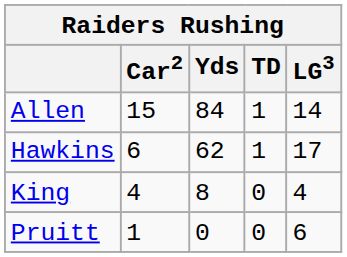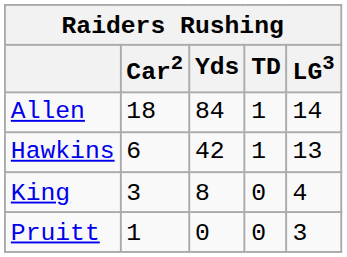 <table class="wikitable">
 <tr>
 <th colspan="5">Raiders Rushing</th>
 </tr>
 <tr>
 <th></th>
 <th>Car<sup>2</sup></th>
 <th>Yds</th>
 <th>TD</th>
 <th>LG<sup>3</sup></th>
 </tr>
 <tr>
 <td><a href='#'>Allen</a></td>
-<td>15</td>
+<td>18</td>
 <td>84</td>
 <td>1</td>
 <td>14</td>
 </tr>
 <tr>
 <td><a href='#'>Hawkins</a></td>
 <td>6</td>
-<td>62</td>
+<td>42</td>
 <td>1</td>
-<td>17</td>
+<td>13</td>
 </tr>
 <tr>
 <td><a href='#'>King</a></td>
-<td>4</td>
+<td>3</td>
 <td>8</td>
 <td>0</td>
 <td>4</td>
 </tr>
 <tr>
 <td><a href='#'>Pruitt</a></td>
 <td>1</td>
 <td>0</td>
 <td>0</td>
-<td>6</td>
+<td>3</td>
 </tr>
 </table>
